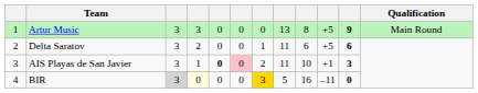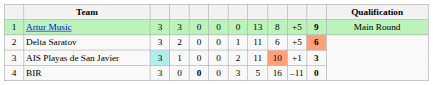 <table class="wikitable" style="font-size: 95%">
 <tr>
 <th width="25"></th>
 <th width="200">Team</th>
 <th width="25"></th>
 <th width="25"></th>
 <th width="25"></th>
 <th width="25"></th>
 <th width="25"></th>
 <th width="25"></th>
 <th width="25"></th>
 <th width="25"></th>
 <th width="25"></th>
 <th width="160">Qualification</th>
 </tr>
 <tr align=center bgcolor=#bbf3bb>
 <td>1</td>
 <td align=left> <a href='#'>Artur Music</a></td>
 <td>3</td>
 <td>3</td>
 <td>0</td>
 <td>0</td>
 <td>0</td>
 <td>13</td>
 <td>8</td>
 <td>+5</td>
 <td><strong>9</strong></td>
 <td>Main Round</td>
 </tr>
 <tr align=center>
 <td>2</td>
 <td align=left> Delta Saratov</td>
 <td>3</td>
 <td>2</td>
 <td>0</td>
 <td>0</td>
 <td>1</td>
 <td>11</td>
 <td>6</td>
 <td>+5</td>
-<td><strong>6</strong></td>
+<td style="background: lightsalmon;"><strong>6</strong></td>
 <td rowspan=3></td>
 </tr>
 <tr align=center>
 <td>3</td>
 <td align=left> AIS Playas de San Javier</td>
-<td>3</td>
+<td style="background: paleturquoise;">3</td>
 <td>1</td>
-<td><strong>0</strong></td>
-<td style="background: pink;">0</td>
+<td>0</td>
+<td>0</td>
 <td>2</td>
 <td>11</td>
-<td>10</td>
+<td style="background: lightsalmon;">10</td>
 <td>+1</td>
 <td><strong>3</strong></td>
 </tr>
 <tr align=center>
 <td>4</td>
 <td align=left> BIR</td>
-<td style="background: lightgrey;">3</td>
-<td style="background: lightyellow;">0</td>
+<td>3</td>
 <td>0</td>
+<td><strong>0</strong></td>
 <td>0</td>
-<td style="background: gold;">3</td>
+<td>3</td>
 <td>5</td>
 <td>16</td>
 <td>–11</td>
 <td><strong>0</strong></td>
 </tr>
 </table>
